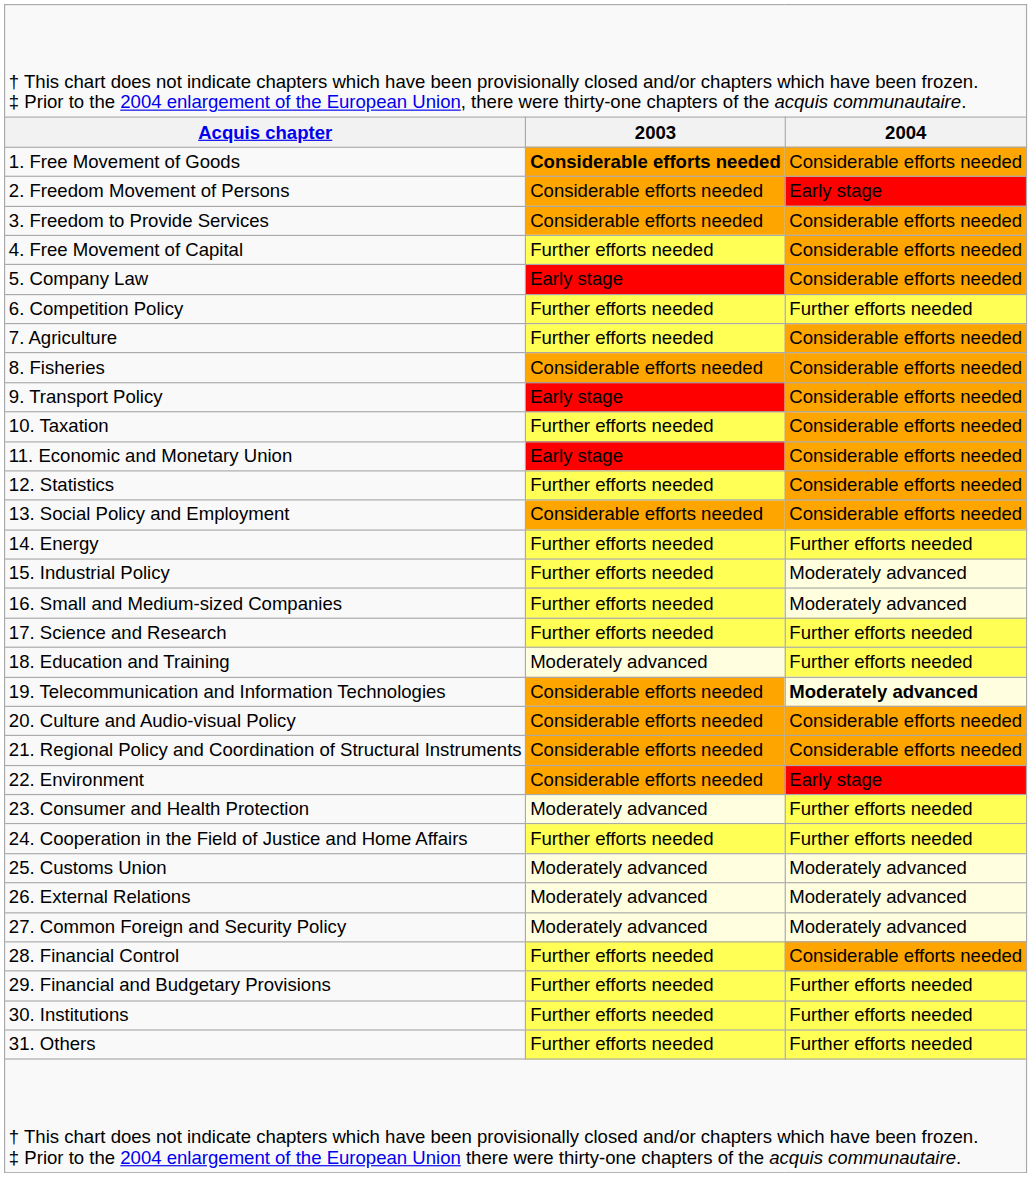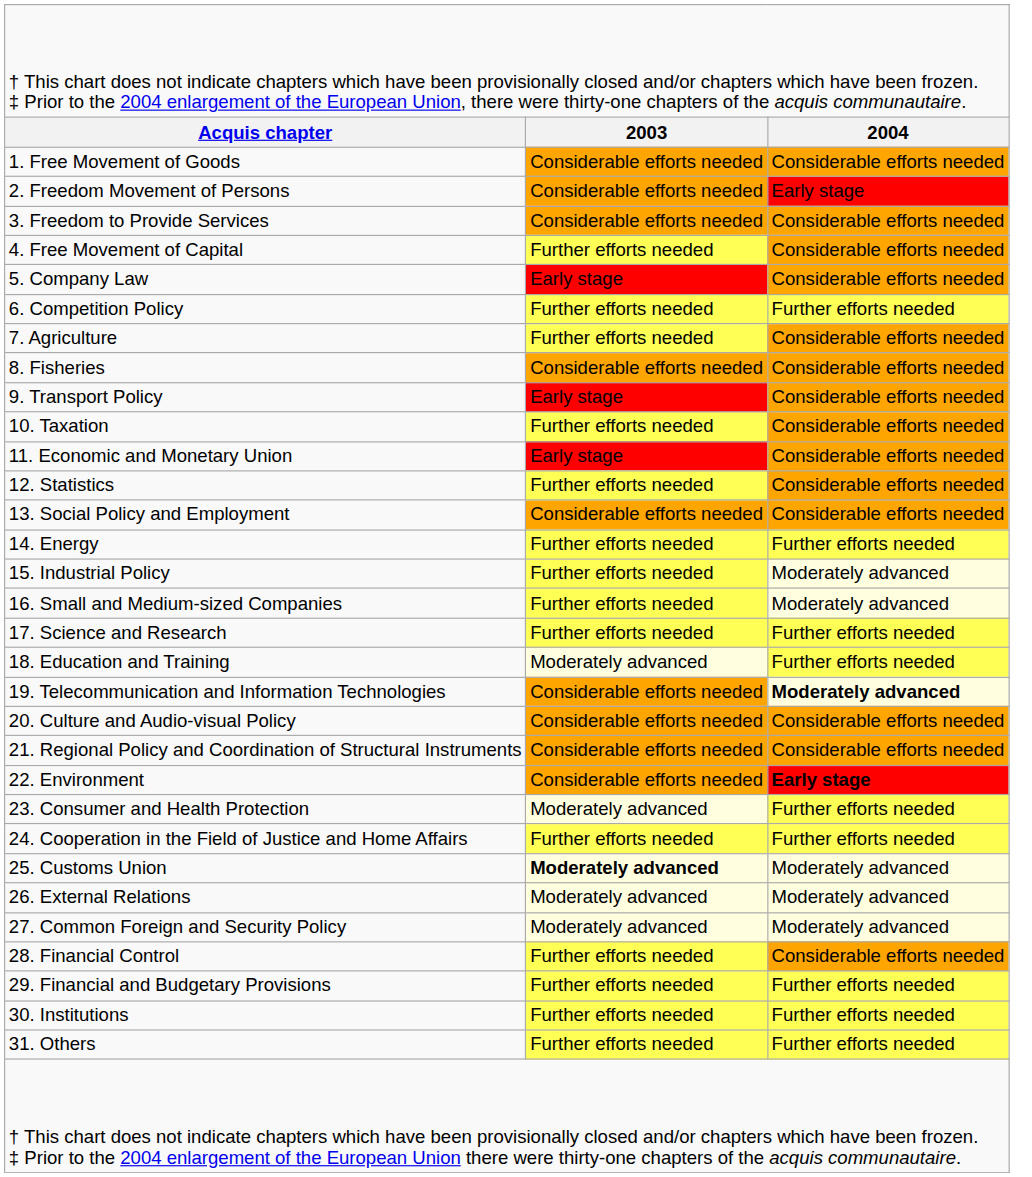 <table class="wikitable mw-collapsible mw-collapsed sortable" style="text-align:left">
 <tr>
 <td colspan=3><br>        <br><br> † This chart does not indicate chapters which have been provisionally closed and/or chapters which have been frozen.<br>‡ Prior to the <a href='#'>2004 enlargement of the European Union</a>, there were thirty-one chapters of the <em>acquis communautaire</em>.</td>
 </tr>
 <tr>
 <th><a href='#'>Acquis chapter</a></th>
 <th>2003</th>
 <th>2004</th>
 </tr>
 <tr>
 <td style="text-align:left;">1. Free Movement of Goods</td>
-<td style="background:#ffa500;"><strong>Considerable efforts needed</strong></td>
+<td style="background:#ffa500;">Considerable efforts needed</td>
 <td style="background:#ffa500;">Considerable efforts needed</td>
 </tr>
 <tr>
 <td style="text-align:left;">2. Freedom Movement of Persons</td>
 <td style="background:#ffa500;">Considerable efforts needed</td>
 <td style="background:#f00;">Early stage</td>
 </tr>
 <tr>
 <td style="text-align:left;">3. Freedom to Provide Services</td>
 <td style="background:#ffa500;">Considerable efforts needed</td>
 <td style="background:#ffa500;">Considerable efforts needed</td>
 </tr>
 <tr>
 <td style="text-align:left;">4. Free Movement of Capital</td>
 <td style="background:#ff5;">Further efforts needed</td>
 <td style="background:#ffa500;">Considerable efforts needed</td>
 </tr>
 <tr>
 <td style="text-align:left;">5. Company Law</td>
 <td style="background:#f00;">Early stage</td>
 <td style="background:#ffa500;">Considerable efforts needed</td>
 </tr>
 <tr>
 <td style="text-align:left;">6. Competition Policy</td>
 <td style="background:#ff5;">Further efforts needed</td>
 <td style="background:#ff5;">Further efforts needed</td>
 </tr>
 <tr>
 <td style="text-align:left;">7. Agriculture</td>
 <td style="background:#ff5;">Further efforts needed</td>
 <td style="background:#ffa500;">Considerable efforts needed</td>
 </tr>
 <tr>
 <td style="text-align:left;">8. Fisheries</td>
 <td style="background:#ffa500;">Considerable efforts needed</td>
 <td style="background:#ffa500;">Considerable efforts needed</td>
 </tr>
 <tr>
 <td style="text-align:left;">9. Transport Policy</td>
 <td style="background:#f00;">Early stage</td>
 <td style="background:#ffa500;">Considerable efforts needed</td>
 </tr>
 <tr>
 <td style="text-align:left;">10. Taxation</td>
 <td style="background:#ff5;">Further efforts needed</td>
 <td style="background:#ffa500;">Considerable efforts needed</td>
 </tr>
 <tr>
 <td style="text-align:left;">11. Economic and Monetary Union</td>
 <td style="background:#f00;">Early stage</td>
 <td style="background:#ffa500;">Considerable efforts needed</td>
 </tr>
 <tr>
 <td style="text-align:left;">12. Statistics</td>
 <td style="background:#ff5;">Further efforts needed</td>
 <td style="background:#ffa500;">Considerable efforts needed</td>
 </tr>
 <tr>
 <td style="text-align:left;">13. Social Policy and Employment</td>
 <td style="background:#ffa500;">Considerable efforts needed</td>
 <td style="background:#ffa500;">Considerable efforts needed</td>
 </tr>
 <tr>
 <td style="text-align:left;">14. Energy</td>
 <td style="background:#ff5;">Further efforts needed</td>
 <td style="background:#ff5;">Further efforts needed</td>
 </tr>
 <tr>
 <td style="text-align:left;">15. Industrial Policy</td>
 <td style="background:#ff5;">Further efforts needed</td>
 <td style="background:#FFFFE0;">Moderately advanced</td>
 </tr>
 <tr>
 <td style="text-align:left;">16. Small and Medium-sized Companies</td>
 <td style="background:#ff5;">Further efforts needed</td>
 <td style="background:#FFFFE0;">Moderately advanced</td>
 </tr>
 <tr>
 <td style="text-align:left;">17. Science and Research</td>
 <td style="background:#ff5;">Further efforts needed</td>
 <td style="background:#ff5;">Further efforts needed</td>
 </tr>
 <tr>
 <td style="text-align:left;">18. Education and Training</td>
 <td style="background:#FFFFE0;">Moderately advanced</td>
 <td style="background:#ff5;">Further efforts needed</td>
 </tr>
 <tr>
 <td style="text-align:left;">19. Telecommunication and Information Technologies</td>
 <td style="background:#ffa500;">Considerable efforts needed</td>
 <td style="background:#FFFFE0;"><strong>Moderately advanced</strong></td>
 </tr>
 <tr>
 <td style="text-align:left;">20. Culture and Audio-visual Policy</td>
 <td style="background:#ffa500;">Considerable efforts needed</td>
 <td style="background:#ffa500;">Considerable efforts needed</td>
 </tr>
 <tr>
 <td style="text-align:left;">21. Regional Policy and Coordination of Structural Instruments</td>
 <td style="background:#ffa500;">Considerable efforts needed</td>
 <td style="background:#ffa500;">Considerable efforts needed</td>
 </tr>
 <tr>
 <td style="text-align:left;">22. Environment</td>
 <td style="background:#ffa500;">Considerable efforts needed</td>
-<td style="background:#f00;">Early stage</td>
+<td style="background:#f00;"><strong>Early stage</strong></td>
 </tr>
 <tr>
 <td style="text-align:left;">23. Consumer and Health Protection</td>
 <td style="background:#FFFFE0;">Moderately advanced</td>
 <td style="background:#ff5;">Further efforts needed</td>
 </tr>
 <tr>
 <td style="text-align:left;">24. Cooperation in the Field of Justice and Home Affairs</td>
 <td style="background:#ff5;">Further efforts needed</td>
 <td style="background:#ff5;">Further efforts needed</td>
 </tr>
 <tr>
 <td style="text-align:left;">25. Customs Union</td>
-<td style="background:#FFFFE0;">Moderately advanced</td>
+<td style="background:#FFFFE0;"><strong>Moderately advanced</strong></td>
 <td style="background:#FFFFE0;">Moderately advanced</td>
 </tr>
 <tr>
 <td style="text-align:left;">26. External Relations</td>
 <td style="background:#FFFFE0;">Moderately advanced</td>
 <td style="background:#FFFFE0;">Moderately advanced</td>
 </tr>
 <tr>
 <td style="text-align:left;">27.  Common Foreign and Security Policy</td>
 <td style="background:#FFFFE0;">Moderately advanced</td>
 <td style="background:#FFFFE0;">Moderately advanced</td>
 </tr>
 <tr>
 <td style="text-align:left;">28. Financial Control</td>
 <td style="background:#ff5;">Further efforts needed</td>
 <td style="background:#ffa500;">Considerable efforts needed</td>
 </tr>
 <tr>
 <td style="text-align:left;">29. Financial and Budgetary Provisions</td>
 <td style="background:#ff5;">Further efforts needed</td>
 <td style="background:#ff5;">Further efforts needed</td>
 </tr>
 <tr>
 <td style="text-align:left;">30. Institutions</td>
 <td style="background:#ff5;">Further efforts needed</td>
 <td style="background:#ff5;">Further efforts needed</td>
 </tr>
 <tr>
 <td style="text-align:left;">31. Others</td>
 <td style="background:#ff5;">Further efforts needed</td>
 <td style="background:#ff5;">Further efforts needed</td>
 </tr>
 <tr>
 <td colspan=3><br>        <br><br> † This chart does not indicate chapters which have been provisionally closed and/or chapters which have been frozen.<br>‡ Prior to the <a href='#'>2004 enlargement of the European Union</a> there were thirty-one chapters of the <em>acquis communautaire</em>.</td>
 </tr>
 </table>
